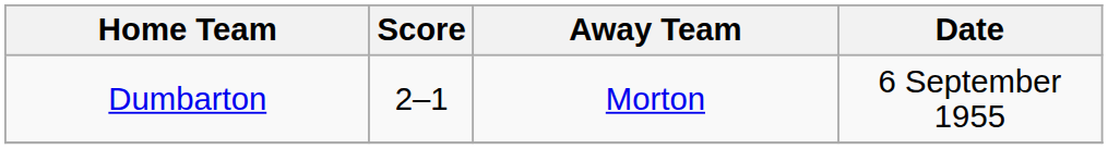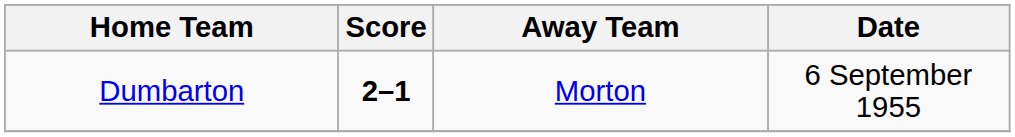 <table class="wikitable" style="text-align:center;">
 <tr>
 <th width=175>Home Team</th>
 <th width=20>Score</th>
 <th width=175>Away Team</th>
 <th width= 125>Date</th>
 </tr>
 <tr>
 <td><a href='#'>Dumbarton</a></td>
-<td>2–1</td>
+<td><strong>2–1</strong></td>
 <td><a href='#'>Morton</a></td>
 <td>6 September 1955</td>
 </tr>
 <tr>
 </tr>
 </table>
